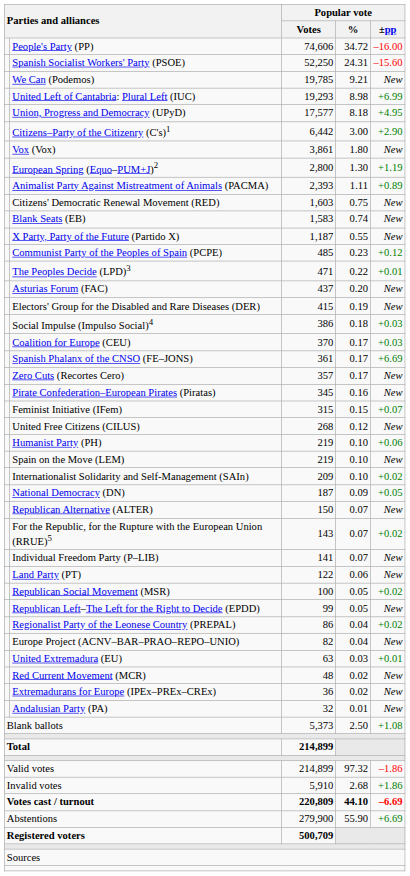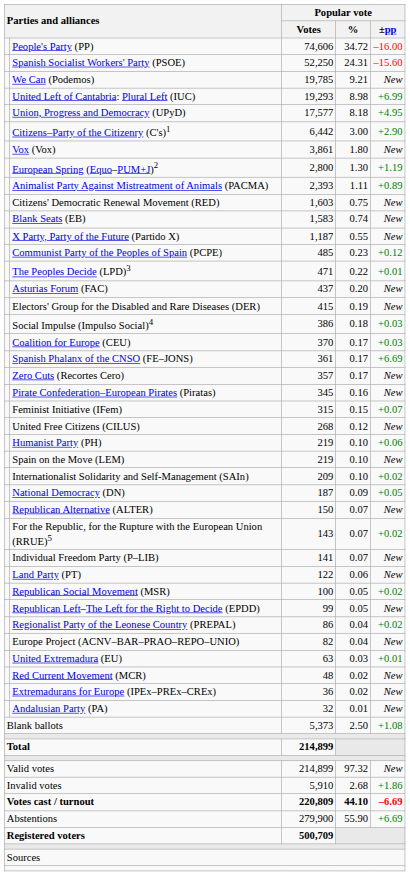 <table class="wikitable" style="text-align:right">
 <tr>
 <th style="text-align:left;" rowspan="2" colspan="2" width="525">Parties and alliances</th>
 <th colspan="3">Popular vote</th>
 </tr>
 <tr>
 <th width="75">Votes</th>
 <th width="45">%</th>
 <th width="45">±<a href='#'>pp</a></th>
 </tr>
 <tr>
 <td width="1" style="color:inherit;background:"></td>
 <td align="left"><a href='#'>People's Party</a> (PP)</td>
 <td>74,606</td>
 <td>34.72</td>
 <td style="color:red;">–16.00</td>
 </tr>
 <tr>
 <td style="color:inherit;background:"></td>
 <td align="left"><a href='#'>Spanish Socialist Workers' Party</a> (PSOE)</td>
 <td>52,250</td>
 <td>24.31</td>
 <td style="color:red;">–15.60</td>
 </tr>
 <tr>
 <td style="color:inherit;background:"></td>
 <td align="left"><a href='#'>We Can</a> (Podemos)</td>
 <td>19,785</td>
 <td>9.21</td>
 <td><em>New</em></td>
 </tr>
 <tr>
 <td style="color:inherit;background:"></td>
 <td align="left"><a href='#'>United Left of Cantabria</a>: <a href='#'>Plural Left</a> (IUC)</td>
 <td>19,293</td>
 <td>8.98</td>
 <td style="color:green;">+6.99</td>
 </tr>
 <tr>
 <td style="color:inherit;background:"></td>
 <td align="left"><a href='#'>Union, Progress and Democracy</a> (UPyD)</td>
 <td>17,577</td>
 <td>8.18</td>
 <td style="color:green;">+4.95</td>
 </tr>
 <tr>
 <td style="color:inherit;background:"></td>
 <td align="left"><a href='#'>Citizens–Party of the Citizenry</a> (C's)<sup>1</sup></td>
 <td>6,442</td>
 <td>3.00</td>
 <td style="color:green;">+2.90</td>
 </tr>
 <tr>
 <td style="color:inherit;background:"></td>
 <td align="left"><a href='#'>Vox</a> (Vox)</td>
 <td>3,861</td>
 <td>1.80</td>
 <td><em>New</em></td>
 </tr>
 <tr>
 <td style="color:inherit;background:"></td>
 <td align="left"><a href='#'>European Spring</a> (<a href='#'>Equo</a>–<a href='#'>PUM+J</a>)<sup>2</sup></td>
 <td>2,800</td>
 <td>1.30</td>
 <td style="color:green;">+1.19</td>
 </tr>
 <tr>
 <td style="color:inherit;background:"></td>
 <td align="left"><a href='#'>Animalist Party Against Mistreatment of Animals</a> (PACMA)</td>
 <td>2,393</td>
 <td>1.11</td>
 <td style="color:green;">+0.89</td>
 </tr>
 <tr>
 <td style="color:inherit;background:"></td>
 <td align="left">Citizens' Democratic Renewal Movement (RED)</td>
 <td>1,603</td>
 <td>0.75</td>
 <td><em>New</em></td>
 </tr>
 <tr>
 <td style="color:inherit;background:"></td>
 <td align="left"><a href='#'>Blank Seats</a> (EB)</td>
 <td>1,583</td>
 <td>0.74</td>
 <td><em>New</em></td>
 </tr>
 <tr>
 <td style="color:inherit;background:"></td>
 <td align="left"><a href='#'>X Party, Party of the Future</a> (Partido X)</td>
 <td>1,187</td>
 <td>0.55</td>
 <td><em>New</em></td>
 </tr>
 <tr>
 <td style="color:inherit;background:"></td>
 <td align="left"><a href='#'>Communist Party of the Peoples of Spain</a> (PCPE)</td>
 <td>485</td>
 <td>0.23</td>
 <td style="color:green;">+0.12</td>
 </tr>
 <tr>
 <td style="color:inherit;background:"></td>
 <td align="left"><a href='#'>The Peoples Decide</a> (LPD)<sup>3</sup></td>
 <td>471</td>
 <td>0.22</td>
 <td style="color:green;">+0.01</td>
 </tr>
 <tr>
 <td style="color:inherit;background:"></td>
 <td align="left"><a href='#'>Asturias Forum</a> (FAC)</td>
 <td>437</td>
 <td>0.20</td>
 <td><em>New</em></td>
 </tr>
 <tr>
 <td style="color:inherit;background:"></td>
 <td align="left">Electors' Group for the Disabled and Rare Diseases (DER)</td>
 <td>415</td>
 <td>0.19</td>
 <td><em>New</em></td>
 </tr>
 <tr>
 <td style="color:inherit;background:"></td>
 <td align="left">Social Impulse (Impulso Social)<sup>4</sup></td>
 <td>386</td>
 <td>0.18</td>
 <td style="color:green;">+0.03</td>
 </tr>
 <tr>
 <td style="color:inherit;background:"></td>
 <td align="left"><a href='#'>Coalition for Europe</a> (CEU)</td>
 <td>370</td>
 <td>0.17</td>
 <td style="color:green;">+0.03</td>
 </tr>
 <tr>
 <td style="color:inherit;background:"></td>
 <td align="left"><a href='#'>Spanish Phalanx of the CNSO</a> (FE–JONS)</td>
 <td>361</td>
 <td>0.17</td>
 <td style="color:green;">+6.69</td>
 </tr>
 <tr>
 <td style="color:inherit;background:"></td>
 <td align="left"><a href='#'>Zero Cuts</a> (Recortes Cero)</td>
 <td>357</td>
 <td>0.17</td>
 <td><em>New</em></td>
 </tr>
 <tr>
 <td style="color:inherit;background:"></td>
 <td align="left"><a href='#'>Pirate Confederation–European Pirates</a> (Piratas)</td>
 <td>345</td>
 <td>0.16</td>
 <td><em>New</em></td>
 </tr>
 <tr>
 <td style="color:inherit;background:"></td>
 <td align="left">Feminist Initiative (IFem)</td>
 <td>315</td>
 <td>0.15</td>
 <td style="color:green;">+0.07</td>
 </tr>
 <tr>
 <td style="color:inherit;background:"></td>
 <td align="left">United Free Citizens (CILUS)</td>
 <td>268</td>
 <td>0.12</td>
 <td><em>New</em></td>
 </tr>
 <tr>
 <td style="color:inherit;background:"></td>
 <td align="left"><a href='#'>Humanist Party</a> (PH)</td>
 <td>219</td>
 <td>0.10</td>
 <td style="color:green;">+0.06</td>
 </tr>
 <tr>
 <td style="color:inherit;background:"></td>
 <td align="left">Spain on the Move (LEM)</td>
 <td>219</td>
 <td>0.10</td>
 <td><em>New</em></td>
 </tr>
 <tr>
 <td style="color:inherit;background:"></td>
 <td align="left">Internationalist Solidarity and Self-Management (SAIn)</td>
 <td>209</td>
 <td>0.10</td>
 <td style="color:green;">+0.02</td>
 </tr>
 <tr>
 <td style="color:inherit;background:"></td>
 <td align="left"><a href='#'>National Democracy</a> (DN)</td>
 <td>187</td>
 <td>0.09</td>
 <td style="color:green;">+0.05</td>
 </tr>
 <tr>
 <td style="color:inherit;background:"></td>
 <td align="left"><a href='#'>Republican Alternative</a> (ALTER)</td>
 <td>150</td>
 <td>0.07</td>
 <td><em>New</em></td>
 </tr>
 <tr>
 <td style="color:inherit;background:"></td>
 <td align="left">For the Republic, for the Rupture with the European Union (RRUE)<sup>5</sup></td>
 <td>143</td>
 <td>0.07</td>
 <td style="color:green;">+0.02</td>
 </tr>
 <tr>
 <td style="color:inherit;background:"></td>
 <td align="left">Individual Freedom Party (P–LIB)</td>
 <td>141</td>
 <td>0.07</td>
 <td><em>New</em></td>
 </tr>
 <tr>
 <td style="color:inherit;background:"></td>
 <td align="left"><a href='#'>Land Party</a> (PT)</td>
 <td>122</td>
 <td>0.06</td>
 <td><em>New</em></td>
 </tr>
 <tr>
 <td style="color:inherit;background:"></td>
 <td align="left"><a href='#'>Republican Social Movement</a> (MSR)</td>
 <td>100</td>
 <td>0.05</td>
 <td style="color:green;">+0.02</td>
 </tr>
 <tr>
 <td style="color:inherit;background:"></td>
 <td align="left"><a href='#'>Republican Left</a>–<a href='#'>The Left for the Right to Decide</a> (EPDD)</td>
 <td>99</td>
 <td>0.05</td>
 <td><em>New</em></td>
 </tr>
 <tr>
 <td style="color:inherit;background:"></td>
 <td align="left"><a href='#'>Regionalist Party of the Leonese Country</a> (PREPAL)</td>
 <td>86</td>
 <td>0.04</td>
 <td style="color:green;">+0.02</td>
 </tr>
 <tr>
 <td style="color:inherit;background:"></td>
 <td align="left">Europe Project (ACNV–BAR–PRAO–REPO–UNIO)</td>
 <td>82</td>
 <td>0.04</td>
 <td><em>New</em></td>
 </tr>
 <tr>
 <td style="color:inherit;background:"></td>
 <td align="left"><a href='#'>United Extremadura</a> (EU)</td>
 <td>63</td>
 <td>0.03</td>
 <td style="color:green;">+0.01</td>
 </tr>
 <tr>
 <td style="color:inherit;background:"></td>
 <td align="left"><a href='#'>Red Current Movement</a> (MCR)</td>
 <td>48</td>
 <td>0.02</td>
 <td><em>New</em></td>
 </tr>
 <tr>
 <td style="color:inherit;background:"></td>
 <td align="left"><a href='#'>Extremadurans for Europe</a> (IPEx–PREx–CREx)</td>
 <td>36</td>
 <td>0.02</td>
 <td><em>New</em></td>
 </tr>
 <tr>
 <td style="color:inherit;background:"></td>
 <td align="left"><a href='#'>Andalusian Party</a> (PA)</td>
 <td>32</td>
 <td>0.01</td>
 <td><em>New</em></td>
 </tr>
 <tr>
 <td align="left" colspan="2">Blank ballots</td>
 <td>5,373</td>
 <td>2.50</td>
 <td style="color:green;">+1.08</td>
 </tr>
 <tr>
 <td colspan="5" bgcolor="#E9E9E9"></td>
 </tr>
 <tr style="font-weight:bold;">
 <td align="left" colspan="2">Total</td>
 <td>214,899</td>
 <td bgcolor="#E9E9E9" colspan="2"></td>
 </tr>
 <tr>
 <td colspan="5" bgcolor="#E9E9E9"></td>
 </tr>
 <tr>
 <td align="left" colspan="2">Valid votes</td>
 <td>214,899</td>
 <td>97.32</td>
-<td style="color:red;">–1.86</td>
+<td><em>New</em></td>
 </tr>
 <tr>
 <td align="left" colspan="2">Invalid votes</td>
 <td>5,910</td>
 <td>2.68</td>
 <td style="color:green;">+1.86</td>
 </tr>
 <tr style="font-weight:bold;">
 <td align="left" colspan="2">Votes cast / turnout</td>
 <td>220,809</td>
 <td>44.10</td>
 <td style="color:red;">–6.69</td>
 </tr>
 <tr>
 <td align="left" colspan="2">Abstentions</td>
 <td>279,900</td>
 <td>55.90</td>
 <td style="color:green;">+6.69</td>
 </tr>
 <tr style="font-weight:bold;">
 <td align="left" colspan="2">Registered voters</td>
 <td>500,709</td>
 <td bgcolor="#E9E9E9" colspan="2"></td>
 </tr>
 <tr>
 <td colspan="5" bgcolor="#E9E9E9"></td>
 </tr>
 <tr>
 <td align="left" colspan="5">Sources</td>
 </tr>
 <tr>
 <td colspan="5" style="text-align:left; max-width:680px;"></td>
 </tr>
 </table>
